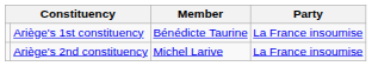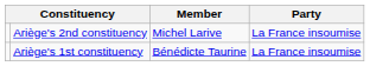 <table class="wikitable">
 <tr>
 <th colspan="2">Constituency</th>
 <th>Member</th>
 <th>Party</th>
 </tr>
 <tr>
 <td style="background-color: "></td>
+<td><a href='#'>Ariège's 2nd constituency</a></td>
+<td><a href='#'>Michel Larive</a></td>
+<td><a href='#'>La France insoumise</a></td>
+</tr>
+<tr>
+<td style="background-color: "></td>
 <td><a href='#'>Ariège's 1st constituency</a></td>
 <td><a href='#'>Bénédicte Taurine</a></td>
 <td><a href='#'>La France insoumise</a></td>
 </tr>
-<tr>
-<td style="background-color: "></td>
-<td><a href='#'>Ariège's 2nd constituency</a></td>
-<td><a href='#'>Michel Larive</a></td>
-<td><a href='#'>La France insoumise</a></td>
-</tr>
 </table>
